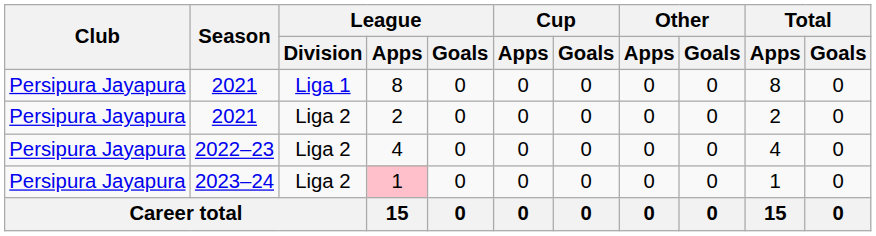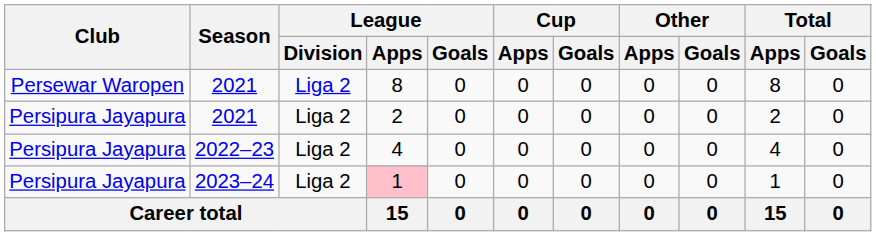 <table class="wikitable" style="text-align: center">
 <tr>
 <th rowspan="2">Club</th>
 <th rowspan="2">Season</th>
 <th colspan="3">League</th>
 <th colspan="2">Cup</th>
 <th colspan="2">Other</th>
 <th colspan="2">Total</th>
 </tr>
 <tr>
 <th>Division</th>
 <th>Apps</th>
 <th>Goals</th>
 <th>Apps</th>
 <th>Goals</th>
 <th>Apps</th>
 <th>Goals</th>
 <th>Apps</th>
 <th>Goals</th>
 </tr>
 <tr>
-<td rowspan="1"><a href='#'>Persipura Jayapura</a></td>
+<td rowspan="1"><a href='#'>Persewar Waropen</a></td>
 <td><a href='#'>2021</a></td>
-<td rowspan="1" valign="center"><a href='#'>Liga 1</a></td>
+<td rowspan="1" valign="center"><a href='#'>Liga 2</a></td>
 <td>8</td>
 <td>0</td>
 <td>0</td>
 <td>0</td>
 <td>0</td>
 <td>0</td>
 <td>8</td>
 <td>0</td>
 </tr>
 <tr>
 <td rowspan="1"><a href='#'>Persipura Jayapura</a></td>
 <td><a href='#'>2021</a></td>
 <td rowspan="1">Liga 2</td>
 <td>2</td>
 <td>0</td>
 <td>0</td>
 <td>0</td>
 <td>0</td>
 <td>0</td>
 <td>2</td>
 <td>0</td>
 </tr>
 <tr>
 <td rowspan="1"><a href='#'>Persipura Jayapura</a></td>
 <td><a href='#'>2022–23</a></td>
 <td rowspan="1">Liga 2</td>
 <td>4</td>
 <td>0</td>
 <td>0</td>
 <td>0</td>
 <td>0</td>
 <td>0</td>
 <td>4</td>
 <td>0</td>
 </tr>
 <tr>
 <td rowspan="1"><a href='#'>Persipura Jayapura</a></td>
 <td><a href='#'>2023–24</a></td>
 <td rowspan="1">Liga 2</td>
 <td style="background: pink;">1</td>
 <td>0</td>
 <td>0</td>
 <td>0</td>
 <td>0</td>
 <td>0</td>
 <td>1</td>
 <td>0</td>
 </tr>
 <tr>
 <th colspan=3>Career total</th>
 <th>15</th>
 <th>0</th>
 <th>0</th>
 <th>0</th>
 <th>0</th>
 <th>0</th>
 <th>15</th>
 <th>0</th>
 </tr>
 </table>
